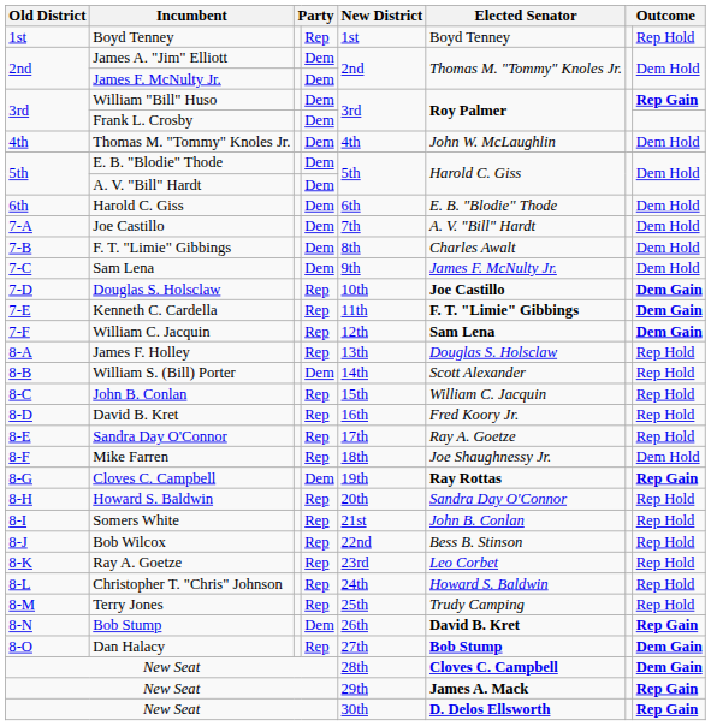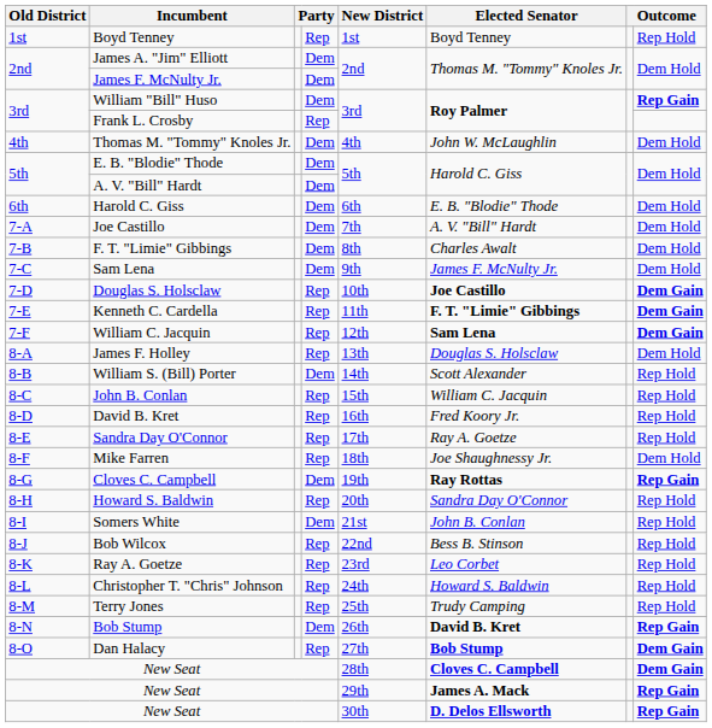 <table class="sortable wikitable" style="font-size:95%;line-height:14px;">
 <tr>
 <th>Old District</th>
 <th>Incumbent</th>
 <th colspan="2">Party</th>
 <th>New District</th>
 <th>Elected Senator</th>
 <th colspan="2">Outcome</th>
 </tr>
 <tr>
 <td><a href='#'>1st</a></td>
 <td>Boyd Tenney</td>
 <td style="background:"></td>
 <td><a href='#'>Rep</a></td>
 <td><a href='#'>1st</a></td>
 <td>Boyd Tenney</td>
 <td style="background:"></td>
 <td><a href='#'>Rep Hold</a></td>
 </tr>
 <tr>
 <td rowspan="2"><a href='#'>2nd</a></td>
 <td>James A. "Jim" Elliott</td>
 <td style="background:"></td>
 <td><a href='#'>Dem</a></td>
 <td rowspan="2"><a href='#'>2nd</a></td>
 <td rowspan="2"><em>Thomas M. "Tommy" Knoles Jr.</em></td>
 <td rowspan="2" style="background:"></td>
 <td rowspan="2"><a href='#'>Dem Hold</a></td>
 </tr>
 <tr>
 <td><a href='#'>James F. McNulty Jr.</a></td>
 <td style="background:"></td>
 <td><a href='#'>Dem</a></td>
 </tr>
 <tr>
 <td rowspan="2"><a href='#'>3rd</a></td>
 <td>William "Bill" Huso</td>
 <td style="background:"></td>
 <td><a href='#'>Dem</a></td>
 <td rowspan="2"><a href='#'>3rd</a></td>
 <td rowspan="2"><strong>Roy Palmer</strong></td>
 <td rowspan="2" style="background:"></td>
 <td><strong><a href='#'>Rep Gain</a></strong></td>
 </tr>
 <tr>
 <td>Frank L. Crosby</td>
 <td style="background:"></td>
-<td><a href='#'>Dem</a></td>
+<td><a href='#'>Rep</a></td>
 </tr>
 <tr>
 <td><a href='#'>4th</a></td>
 <td>Thomas M. "Tommy" Knoles Jr.</td>
 <td style="background:"></td>
 <td><a href='#'>Dem</a></td>
 <td><a href='#'>4th</a></td>
 <td><em>John W. McLaughlin</em></td>
 <td style="background:"></td>
 <td><a href='#'>Dem Hold</a></td>
 </tr>
 <tr>
 <td rowspan="2"><a href='#'>5th</a></td>
 <td>E. B. "Blodie" Thode</td>
 <td style="background:"></td>
 <td><a href='#'>Dem</a></td>
 <td rowspan="2"><a href='#'>5th</a></td>
 <td rowspan="2"><em>Harold C. Giss</em></td>
 <td rowspan="2" style="background:"></td>
 <td rowspan="2"><a href='#'>Dem Hold</a></td>
 </tr>
 <tr>
 <td>A. V. "Bill" Hardt</td>
 <td style="background:"></td>
 <td><a href='#'>Dem</a></td>
 </tr>
 <tr>
 <td><a href='#'>6th</a></td>
 <td>Harold C. Giss</td>
 <td style="background:"></td>
 <td><a href='#'>Dem</a></td>
 <td><a href='#'>6th</a></td>
 <td><em>E. B. "Blodie" Thode</em></td>
 <td style="background:"></td>
 <td><a href='#'>Dem Hold</a></td>
 </tr>
 <tr>
 <td><a href='#'>7-A</a></td>
 <td>Joe Castillo</td>
 <td style="background:"></td>
 <td><a href='#'>Dem</a></td>
 <td><a href='#'>7th</a></td>
 <td><em>A. V. "Bill" Hardt</em></td>
 <td style="background:"></td>
 <td><a href='#'>Dem Hold</a></td>
 </tr>
 <tr>
 <td><a href='#'>7-B</a></td>
 <td>F. T. "Limie" Gibbings</td>
 <td style="background:"></td>
 <td><a href='#'>Dem</a></td>
 <td><a href='#'>8th</a></td>
 <td><em>Charles Awalt</em></td>
 <td style="background:"></td>
 <td><a href='#'>Dem Hold</a></td>
 </tr>
 <tr>
 <td><a href='#'>7-C</a></td>
 <td>Sam Lena</td>
 <td style="background:"></td>
 <td><a href='#'>Dem</a></td>
 <td><a href='#'>9th</a></td>
 <td><em><a href='#'>James F. McNulty Jr.</a></em></td>
 <td style="background:"></td>
 <td><a href='#'>Dem Hold</a></td>
 </tr>
 <tr>
 <td><a href='#'>7-D</a></td>
 <td><a href='#'>Douglas S. Holsclaw</a></td>
 <td style="background:"></td>
 <td><a href='#'>Rep</a></td>
 <td><a href='#'>10th</a></td>
 <td><strong>Joe Castillo</strong></td>
 <td style="background:"></td>
 <td><strong><a href='#'>Dem Gain</a></strong></td>
 </tr>
 <tr>
 <td><a href='#'>7-E</a></td>
 <td>Kenneth C. Cardella</td>
 <td style="background:"></td>
 <td><a href='#'>Rep</a></td>
 <td><a href='#'>11th</a></td>
 <td><strong>F. T. "Limie" Gibbings</strong></td>
 <td style="background:"></td>
 <td><strong><a href='#'>Dem Gain</a></strong></td>
 </tr>
 <tr>
 <td><a href='#'>7-F</a></td>
 <td>William C. Jacquin</td>
 <td style="background:"></td>
 <td><a href='#'>Rep</a></td>
 <td><a href='#'>12th</a></td>
 <td><strong>Sam Lena</strong></td>
 <td style="background:"></td>
 <td><strong><a href='#'>Dem Gain</a></strong></td>
 </tr>
 <tr>
 <td><a href='#'>8-A</a></td>
 <td>James F. Holley</td>
 <td style="background:"></td>
 <td><a href='#'>Rep</a></td>
 <td><a href='#'>13th</a></td>
 <td><em><a href='#'>Douglas S. Holsclaw</a></em></td>
 <td style="background:"></td>
-<td><a href='#'>Rep Hold</a></td>
+<td><a href='#'>Dem Hold</a></td>
 </tr>
 <tr>
 <td><a href='#'>8-B</a></td>
 <td>William S. (Bill) Porter</td>
 <td style="background:"></td>
 <td><a href='#'>Dem</a></td>
 <td><a href='#'>14th</a></td>
 <td><em>Scott Alexander</em></td>
 <td style="background:"></td>
 <td><a href='#'>Rep Hold</a></td>
 </tr>
 <tr>
 <td><a href='#'>8-C</a></td>
 <td><a href='#'>John B. Conlan</a></td>
 <td style="background:"></td>
 <td><a href='#'>Rep</a></td>
 <td><a href='#'>15th</a></td>
 <td><em>William C. Jacquin</em></td>
 <td style="background:"></td>
 <td><a href='#'>Rep Hold</a></td>
 </tr>
 <tr>
 <td><a href='#'>8-D</a></td>
 <td>David B. Kret</td>
 <td style="background:"></td>
 <td><a href='#'>Rep</a></td>
 <td><a href='#'>16th</a></td>
 <td><em>Fred Koory Jr.</em></td>
 <td style="background:"></td>
 <td><a href='#'>Rep Hold</a></td>
 </tr>
 <tr>
 <td><a href='#'>8-E</a></td>
 <td><a href='#'>Sandra Day O'Connor</a></td>
 <td style="background:"></td>
 <td><a href='#'>Rep</a></td>
 <td><a href='#'>17th</a></td>
 <td><em>Ray A. Goetze</em></td>
 <td style="background:"></td>
 <td><a href='#'>Rep Hold</a></td>
 </tr>
 <tr>
 <td><a href='#'>8-F</a></td>
 <td>Mike Farren</td>
 <td style="background:"></td>
 <td><a href='#'>Rep</a></td>
 <td><a href='#'>18th</a></td>
 <td><em>Joe Shaughnessy Jr.</em></td>
 <td style="background:"></td>
 <td><a href='#'>Dem Hold</a></td>
 </tr>
 <tr>
 <td><a href='#'>8-G</a></td>
 <td><a href='#'>Cloves C. Campbell</a></td>
 <td style="background:"></td>
 <td><a href='#'>Dem</a></td>
 <td><a href='#'>19th</a></td>
 <td><strong>Ray Rottas</strong></td>
 <td style="background:"></td>
 <td><strong><a href='#'>Rep Gain</a></strong></td>
 </tr>
 <tr>
 <td><a href='#'>8-H</a></td>
 <td><a href='#'>Howard S. Baldwin</a></td>
 <td style="background:"></td>
 <td><a href='#'>Rep</a></td>
 <td><a href='#'>20th</a></td>
 <td><em><a href='#'>Sandra Day O'Connor</a></em></td>
 <td style="background:"></td>
 <td><a href='#'>Rep Hold</a></td>
 </tr>
 <tr>
 <td><a href='#'>8-I</a></td>
 <td>Somers White</td>
 <td style="background:"></td>
-<td><a href='#'>Rep</a></td>
+<td><a href='#'>Dem</a></td>
 <td><a href='#'>21st</a></td>
 <td><em><a href='#'>John B. Conlan</a></em></td>
 <td style="background:"></td>
 <td><a href='#'>Rep Hold</a></td>
 </tr>
 <tr>
 <td><a href='#'>8-J</a></td>
 <td>Bob Wilcox</td>
 <td style="background:"></td>
 <td><a href='#'>Rep</a></td>
 <td><a href='#'>22nd</a></td>
 <td><em>Bess B. Stinson</em></td>
 <td style="background:"></td>
 <td><a href='#'>Rep Hold</a></td>
 </tr>
 <tr>
 <td><a href='#'>8-K</a></td>
 <td>Ray A. Goetze</td>
 <td style="background:"></td>
 <td><a href='#'>Rep</a></td>
 <td><a href='#'>23rd</a></td>
 <td><em><a href='#'>Leo Corbet</a></em></td>
 <td style="background:"></td>
 <td><a href='#'>Rep Hold</a></td>
 </tr>
 <tr>
 <td><a href='#'>8-L</a></td>
 <td>Christopher T. "Chris" Johnson</td>
 <td style="background:"></td>
 <td><a href='#'>Rep</a></td>
 <td><a href='#'>24th</a></td>
 <td><em><a href='#'>Howard S. Baldwin</a></em></td>
 <td style="background:"></td>
 <td><a href='#'>Rep Hold</a></td>
 </tr>
 <tr>
 <td><a href='#'>8-M</a></td>
 <td>Terry Jones</td>
 <td style="background:"></td>
 <td><a href='#'>Rep</a></td>
 <td><a href='#'>25th</a></td>
 <td><em>Trudy Camping</em></td>
 <td style="background:"></td>
 <td><a href='#'>Rep Hold</a></td>
 </tr>
 <tr>
 <td><a href='#'>8-N</a></td>
 <td><a href='#'>Bob Stump</a></td>
 <td style="background:"></td>
 <td><a href='#'>Dem</a></td>
 <td><a href='#'>26th</a></td>
 <td><strong>David B. Kret</strong></td>
 <td style="background:"></td>
 <td><strong><a href='#'>Rep Gain</a></strong></td>
 </tr>
 <tr>
 <td><a href='#'>8-O</a></td>
 <td>Dan Halacy</td>
 <td style="background:"></td>
 <td><a href='#'>Rep</a></td>
 <td><a href='#'>27th</a></td>
 <td><strong><a href='#'>Bob Stump</a></strong></td>
 <td style="background:"></td>
 <td><strong><a href='#'>Dem Gain</a></strong></td>
 </tr>
 <tr>
 <td colspan=4 align=center><em>New Seat</em></td>
 <td><a href='#'>28th</a></td>
 <td><strong><a href='#'>Cloves C. Campbell</a></strong></td>
 <td style="background:"></td>
 <td><strong><a href='#'>Dem Gain</a></strong></td>
 </tr>
 <tr>
 <td colspan=4 align=center><em>New Seat</em></td>
 <td><a href='#'>29th</a></td>
 <td><strong>James A. Mack</strong></td>
 <td style="background:"></td>
 <td><strong><a href='#'>Rep Gain</a></strong></td>
 </tr>
 <tr>
 <td colspan=4 align=center><em>New Seat</em></td>
 <td><a href='#'>30th</a></td>
 <td><strong><a href='#'>D. Delos Ellsworth</a></strong></td>
 <td style="background:"></td>
 <td><strong><a href='#'>Rep Gain</a></strong></td>
 </tr>
 </table>
